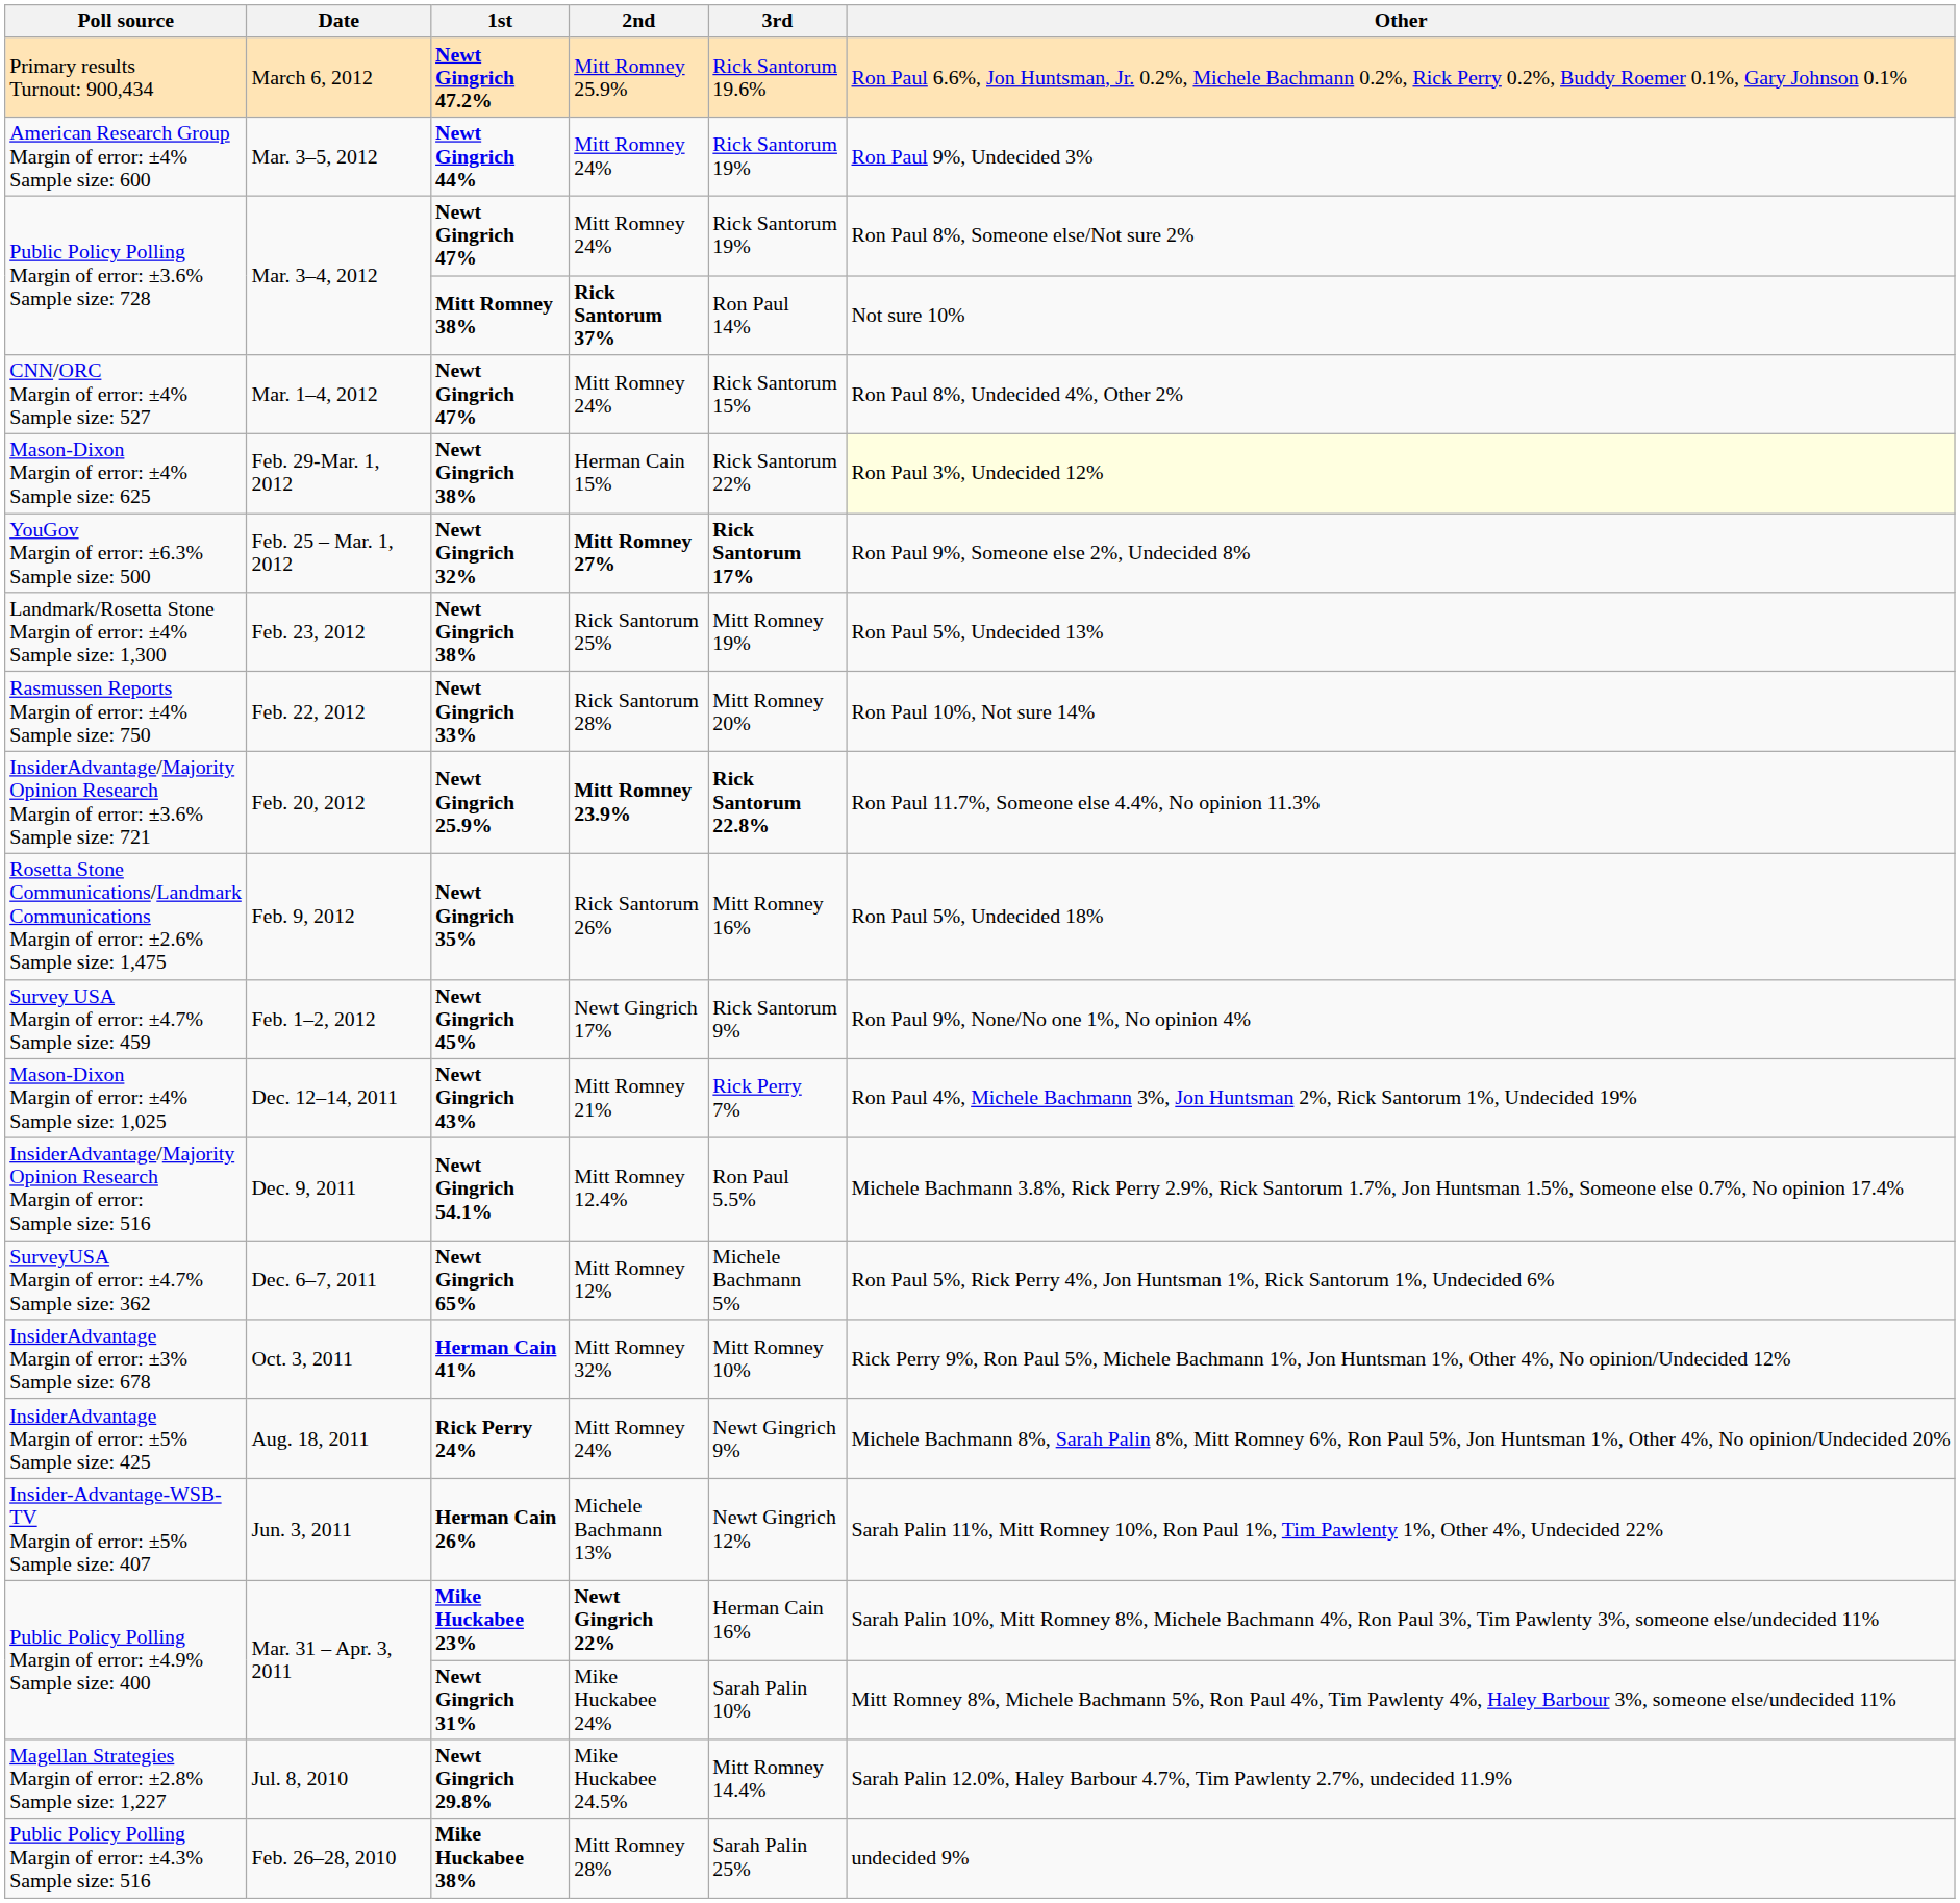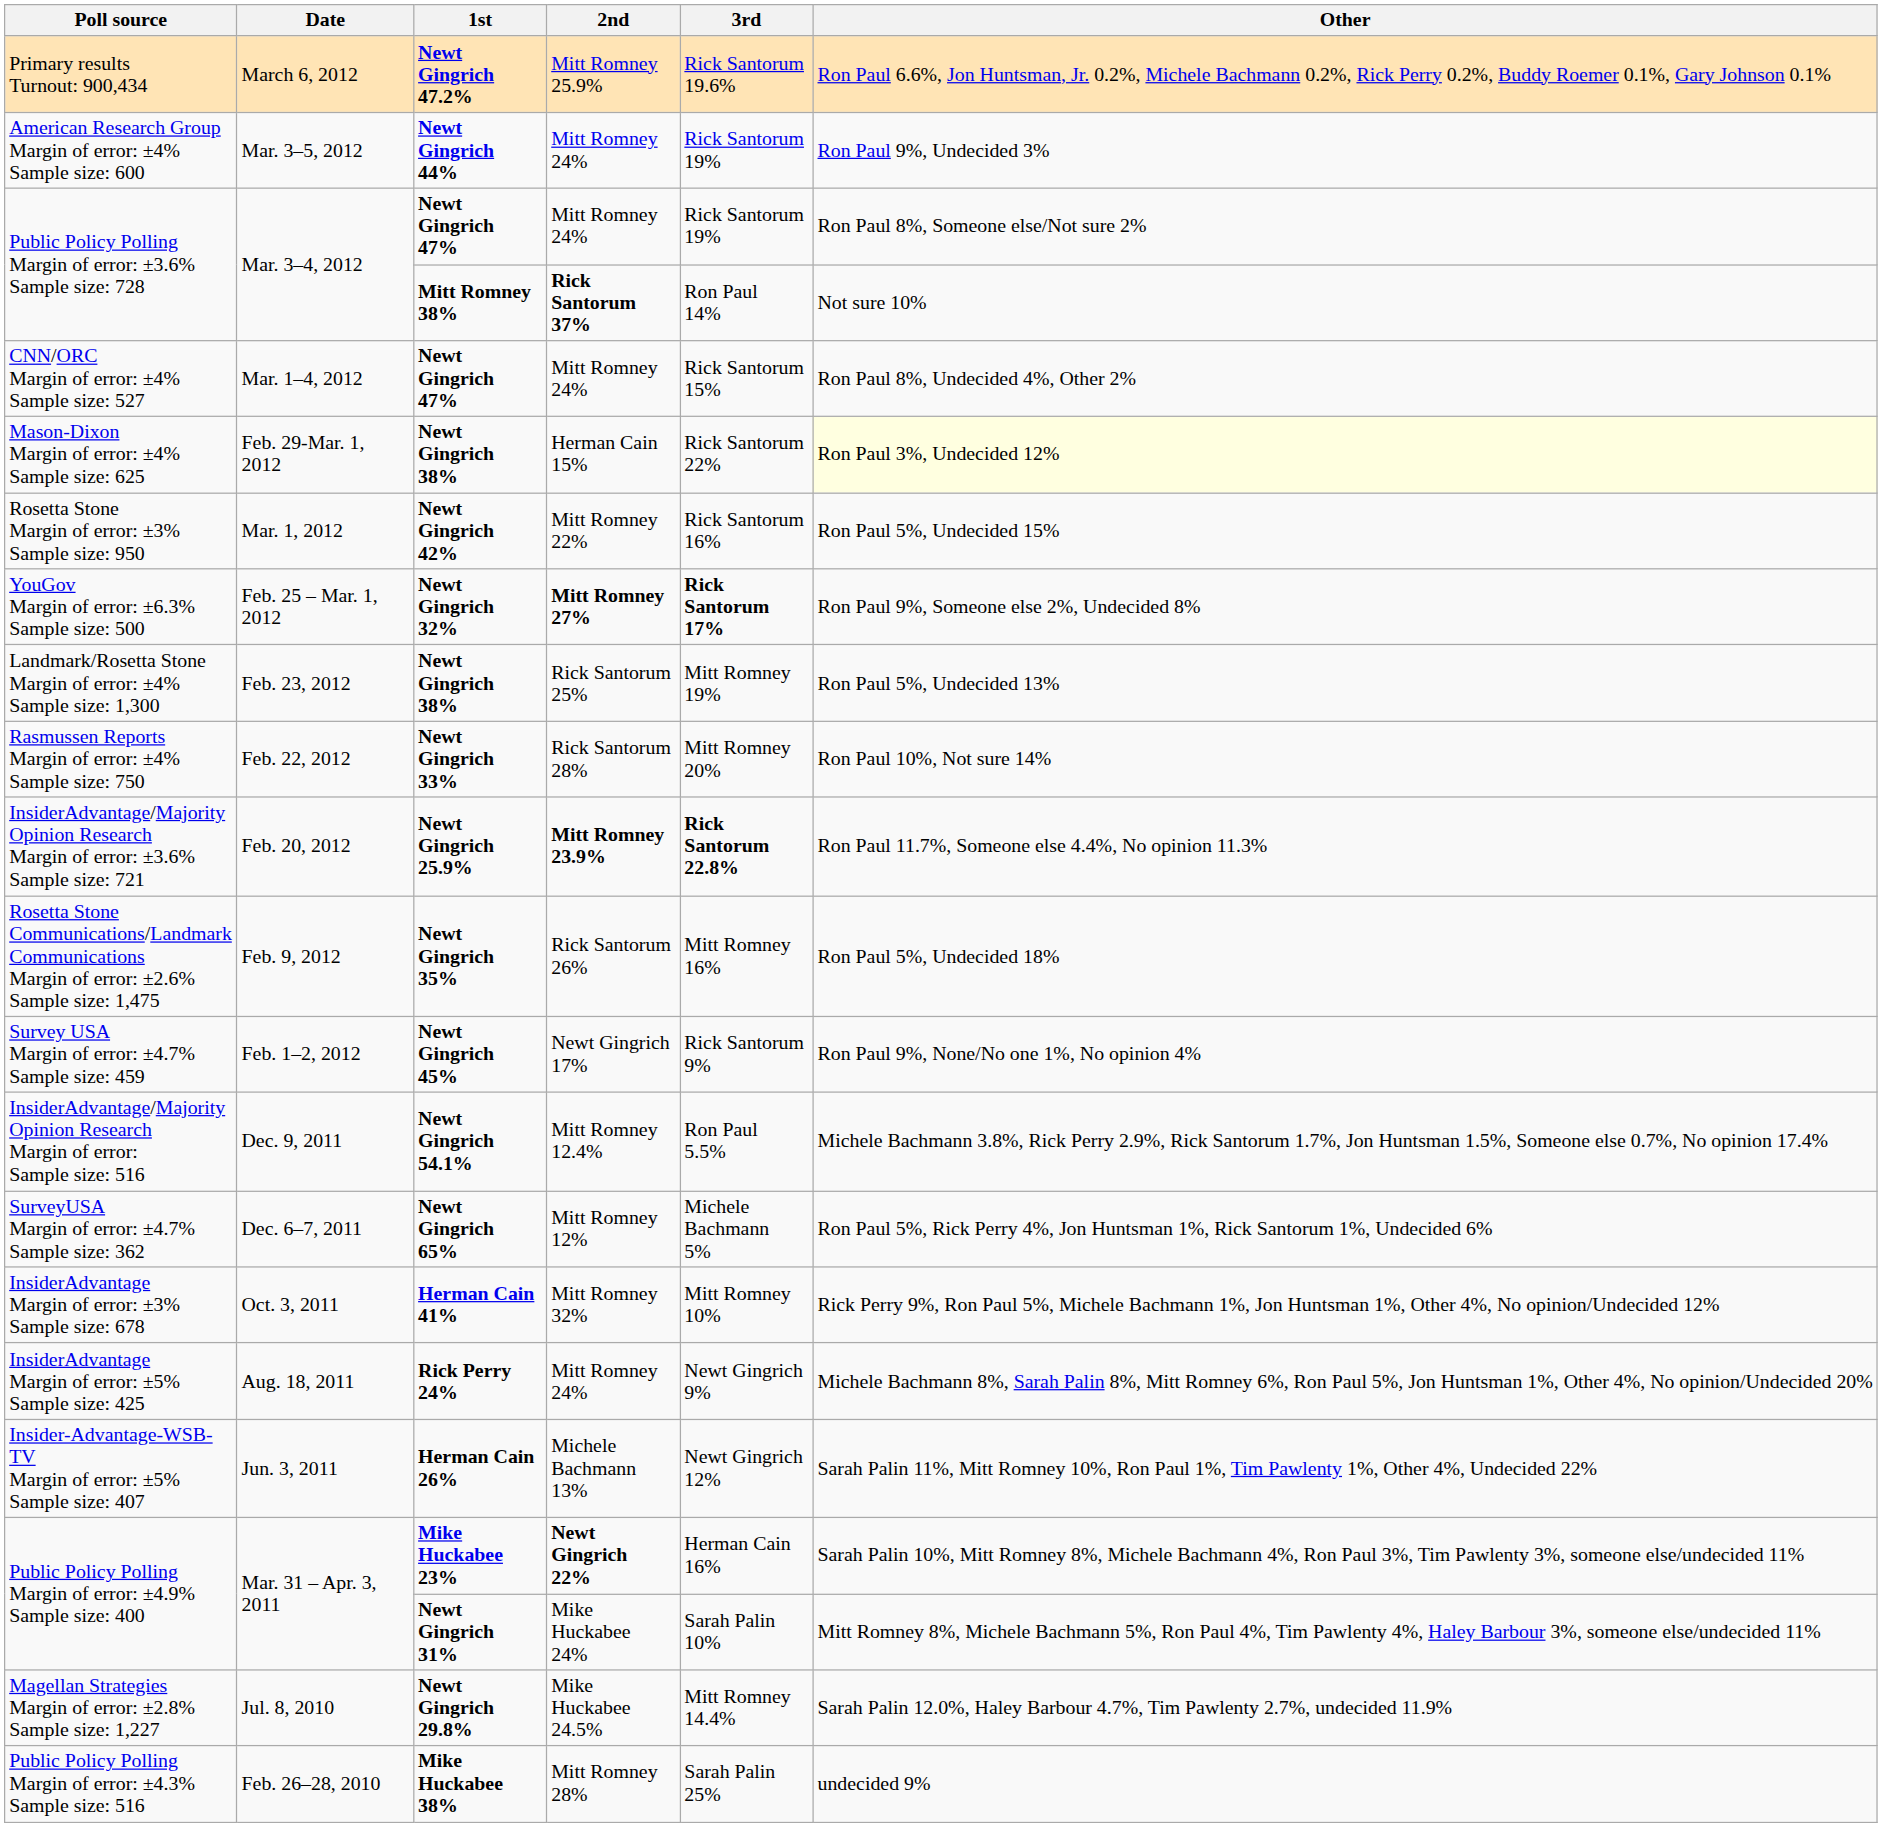 <table class="wikitable">
 <tr>
 <th style="width:180px;">Poll source</th>
 <th style="width:135px;">Date</th>
 <th style="width:100px;">1st</th>
 <th style="width:100px;">2nd</th>
 <th style="width:100px;">3rd</th>
 <th>Other</th>
 </tr>
 <tr style="background:Moccasin;">
 <td>Primary results<br>Turnout: 900,434</td>
 <td>March 6, 2012</td>
 <td><strong><a href='#'>Newt Gingrich</a> 47.2% </strong></td>
 <td><a href='#'>Mitt Romney</a><br>25.9%</td>
 <td><a href='#'>Rick Santorum</a><br>19.6%</td>
 <td><a href='#'>Ron Paul</a> 6.6%, <a href='#'>Jon Huntsman, Jr.</a> 0.2%, <a href='#'>Michele Bachmann</a> 0.2%, <a href='#'>Rick Perry</a> 0.2%, <a href='#'>Buddy Roemer</a> 0.1%, <a href='#'>Gary Johnson</a> 0.1%</td>
 </tr>
 <tr>
 <td><a href='#'>American Research Group</a><br>Margin of error: ±4% <br>Sample size: 600</td>
 <td>Mar. 3–5, 2012</td>
 <td><strong><a href='#'>Newt Gingrich</a><br> 44%</strong></td>
 <td><a href='#'>Mitt Romney</a><br> 24%</td>
 <td><a href='#'>Rick Santorum</a><br> 19%</td>
 <td><a href='#'>Ron Paul</a> 9%, Undecided 3%</td>
 </tr>
 <tr>
 <td rowspan=2><a href='#'>Public Policy Polling</a><br>Margin of error: ±3.6% <br>Sample size: 728</td>
 <td rowspan=2>Mar. 3–4, 2012</td>
 <td><strong>Newt Gingrich<br> 47%</strong></td>
 <td>Mitt Romney<br> 24%</td>
 <td>Rick Santorum<br> 19%</td>
 <td>Ron Paul 8%, Someone else/Not sure 2%</td>
 </tr>
 <tr>
 <td><strong>Mitt Romney<br> 38%</strong></td>
 <td><strong>Rick Santorum<br> 37%</strong></td>
 <td>Ron Paul<br> 14%</td>
 <td>Not sure 10%</td>
 </tr>
 <tr>
 <td><a href='#'>CNN</a>/<a href='#'>ORC</a><br>Margin of error: ±4% <br>Sample size: 527</td>
 <td>Mar. 1–4, 2012</td>
 <td><strong>Newt Gingrich<br>47%</strong></td>
 <td>Mitt Romney<br>24%</td>
 <td>Rick Santorum<br>15%</td>
 <td>Ron Paul 8%, Undecided 4%, Other 2%</td>
 </tr>
 <tr>
 <td><a href='#'>Mason-Dixon</a><br>Margin of error: ±4% <br>Sample size: 625</td>
 <td>Feb. 29-Mar. 1, 2012</td>
 <td><strong>Newt Gingrich<br>38%</strong></td>
 <td>Herman Cain<br>15%</td>
 <td>Rick Santorum<br>22%</td>
 <td style="background: lightyellow;">Ron Paul 3%, Undecided 12%</td>
 </tr>
 <tr>
+<td>Rosetta Stone<br>Margin of error: ±3% <br>Sample size: 950</td>
+<td>Mar. 1, 2012</td>
+<td><strong>Newt Gingrich<br>42%</strong></td>
+<td>Mitt Romney<br>22%</td>
+<td>Rick Santorum<br>16%</td>
+<td>Ron Paul 5%, Undecided 15%</td>
+</tr>
+<tr>
 <td><a href='#'>YouGov</a><br>Margin of error: ±6.3% <br>Sample size: 500</td>
 <td>Feb. 25 – Mar. 1, 2012</td>
 <td><strong>Newt Gingrich<br>32%</strong></td>
 <td><strong>Mitt Romney<br>27%</strong></td>
 <td><strong>Rick Santorum<br>17%</strong></td>
 <td>Ron Paul 9%, Someone else 2%, Undecided 8%</td>
 </tr>
 <tr>
 <td>Landmark/Rosetta Stone<br>Margin of error: ±4% <br>Sample size: 1,300</td>
 <td>Feb. 23, 2012</td>
 <td><strong>Newt Gingrich<br>38%</strong></td>
 <td>Rick Santorum<br>25%</td>
 <td>Mitt Romney<br>19%</td>
 <td>Ron Paul 5%, Undecided 13%</td>
 </tr>
 <tr>
 <td><a href='#'>Rasmussen Reports</a><br>Margin of error: ±4% <br>Sample size: 750</td>
 <td>Feb. 22, 2012</td>
 <td><strong>Newt Gingrich<br>33%</strong></td>
 <td>Rick Santorum<br>28%</td>
 <td>Mitt Romney<br>20%</td>
 <td>Ron Paul 10%, Not sure 14%</td>
 </tr>
 <tr>
 <td><a href='#'>InsiderAdvantage</a>/<a href='#'>Majority Opinion Research</a><br>Margin of error: ±3.6% <br>Sample size: 721</td>
 <td>Feb. 20, 2012</td>
 <td><strong>Newt Gingrich<br>25.9%</strong></td>
 <td><strong>Mitt Romney<br>23.9%</strong></td>
 <td><strong>Rick Santorum<br>22.8%</strong></td>
 <td>Ron Paul 11.7%, Someone else 4.4%, No opinion 11.3%</td>
 </tr>
 <tr>
 <td><a href='#'>Rosetta Stone Communications</a>/<a href='#'>Landmark Communications</a><br>Margin of error: ±2.6% <br>Sample size: 1,475</td>
 <td>Feb. 9, 2012</td>
 <td><strong>Newt Gingrich<br>35%</strong></td>
 <td>Rick Santorum<br>26%</td>
 <td>Mitt Romney<br>16%</td>
 <td>Ron Paul 5%, Undecided 18%</td>
 </tr>
 <tr>
 <td><a href='#'>Survey USA</a><br>Margin of error: ±4.7% <br>Sample size: 459</td>
 <td>Feb. 1–2, 2012</td>
 <td><strong>Newt Gingrich<br>45%</strong></td>
 <td>Newt Gingrich<br>17%</td>
 <td>Rick Santorum<br>9%</td>
 <td>Ron Paul 9%, None/No one 1%, No opinion 4%</td>
-</tr>
-<tr>
-<td><a href='#'>Mason-Dixon</a><br>Margin of error: ±4% <br>Sample size: 1,025</td>
-<td>Dec. 12–14, 2011</td>
-<td><strong>Newt Gingrich<br>43%</strong></td>
-<td>Mitt Romney<br>21%</td>
-<td><a href='#'>Rick Perry</a><br>7%</td>
-<td>Ron Paul 4%, <a href='#'>Michele Bachmann</a> 3%, <a href='#'>Jon Huntsman</a> 2%, Rick Santorum 1%, Undecided 19%</td>
 </tr>
 <tr>
 <td><a href='#'>InsiderAdvantage</a>/<a href='#'>Majority Opinion Research</a><br>Margin of error: <br>Sample size: 516</td>
 <td>Dec. 9, 2011</td>
 <td><strong> Newt Gingrich<br>54.1%</strong></td>
 <td>Mitt Romney<br>12.4%</td>
 <td>Ron Paul<br>5.5%</td>
 <td>Michele Bachmann 3.8%, Rick Perry 2.9%, Rick Santorum 1.7%, Jon Huntsman 1.5%, Someone else 0.7%, No opinion 17.4%</td>
 </tr>
 <tr>
 <td><a href='#'>SurveyUSA</a><br>Margin of error: ±4.7% <br>Sample size: 362</td>
 <td>Dec. 6–7, 2011</td>
 <td><strong>Newt Gingrich<br>65%</strong></td>
 <td>Mitt Romney<br>12%</td>
 <td>Michele Bachmann<br>5%</td>
 <td>Ron Paul 5%, Rick Perry 4%, Jon Huntsman 1%, Rick Santorum 1%, Undecided 6%</td>
 </tr>
 <tr>
 <td><a href='#'>InsiderAdvantage</a><br>Margin of error: ±3% <br>Sample size: 678</td>
 <td>Oct. 3, 2011</td>
 <td><strong><a href='#'>Herman Cain</a><br>41%</strong></td>
 <td>Mitt Romney<br>32%</td>
 <td>Mitt Romney<br>10%</td>
 <td>Rick Perry 9%, Ron Paul 5%, Michele Bachmann 1%, Jon Huntsman 1%, Other 4%, No opinion/Undecided 12%</td>
 </tr>
 <tr>
 <td><a href='#'>InsiderAdvantage</a><br>Margin of error: ±5% <br>Sample size: 425</td>
 <td>Aug. 18, 2011</td>
 <td><strong>Rick Perry<br>24%</strong></td>
 <td>Mitt Romney<br>24%</td>
 <td>Newt Gingrich<br>9%</td>
 <td>Michele Bachmann 8%, <a href='#'>Sarah Palin</a> 8%, Mitt Romney 6%, Ron Paul 5%, Jon Huntsman 1%, Other 4%, No opinion/Undecided 20%</td>
 </tr>
 <tr>
 <td><a href='#'>Insider-Advantage-WSB-TV</a><br>Margin of error: ±5% <br>Sample size: 407</td>
 <td>Jun. 3, 2011</td>
 <td><strong>Herman Cain<br>26%</strong></td>
 <td>Michele Bachmann<br>13%</td>
 <td>Newt Gingrich<br>12%</td>
 <td>Sarah Palin 11%, Mitt Romney 10%, Ron Paul 1%, <a href='#'>Tim Pawlenty</a> 1%, Other 4%, Undecided 22%</td>
 </tr>
 <tr>
 <td rowspan=2><a href='#'>Public Policy Polling</a><br>Margin of error: ±4.9% <br>Sample size: 400</td>
 <td rowspan=2>Mar. 31 – Apr. 3, 2011</td>
 <td><strong><a href='#'>Mike Huckabee</a><br>23%</strong></td>
 <td><strong>Newt Gingrich<br>22%</strong></td>
 <td>Herman Cain<br>16%</td>
 <td>Sarah Palin 10%, Mitt Romney 8%, Michele Bachmann 4%, Ron Paul 3%, Tim Pawlenty 3%, someone else/undecided 11%</td>
 </tr>
 <tr>
 <td><strong>Newt Gingrich<br>31%</strong></td>
 <td>Mike Huckabee<br>24%</td>
 <td>Sarah Palin<br>10%</td>
 <td>Mitt Romney 8%, Michele Bachmann 5%, Ron Paul 4%, Tim Pawlenty 4%, <a href='#'>Haley Barbour</a> 3%, someone else/undecided 11%</td>
 </tr>
 <tr>
 <td><a href='#'>Magellan Strategies</a><br>Margin of error: ±2.8% <br>Sample size: 1,227</td>
 <td>Jul. 8, 2010</td>
 <td><strong>Newt Gingrich<br>29.8%</strong></td>
 <td>Mike Huckabee<br>24.5%</td>
 <td>Mitt Romney<br>14.4%</td>
 <td>Sarah Palin 12.0%, Haley Barbour 4.7%, Tim Pawlenty 2.7%, undecided 11.9%</td>
 </tr>
 <tr>
 <td><a href='#'>Public Policy Polling</a><br>Margin of error: ±4.3% <br>Sample size: 516</td>
 <td>Feb. 26–28, 2010</td>
 <td><strong>Mike Huckabee 38%</strong></td>
 <td>Mitt Romney<br>28%</td>
 <td>Sarah Palin<br>25%</td>
 <td>undecided 9%</td>
 </tr>
 </table>
